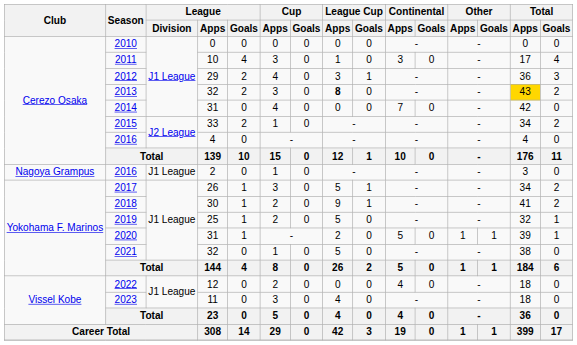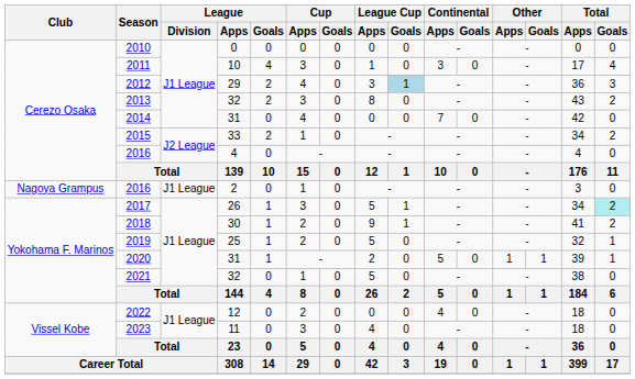 <table class="wikitable" style="text-align:center;">
 <tr>
 <th rowspan="2">Club</th>
 <th rowspan="2">Season</th>
 <th colspan="3">League</th>
 <th colspan="2">Cup</th>
 <th colspan="2">League Cup</th>
 <th colspan="2">Continental</th>
 <th colspan="2">Other</th>
 <th colspan="2">Total</th>
 </tr>
 <tr>
 <th>Division</th>
 <th>Apps</th>
 <th>Goals</th>
 <th>Apps</th>
 <th>Goals</th>
 <th>Apps</th>
 <th>Goals</th>
 <th>Apps</th>
 <th>Goals</th>
 <th>Apps</th>
 <th>Goals</th>
 <th>Apps</th>
 <th>Goals</th>
 </tr>
 <tr>
 <td rowspan="8"><a href='#'>Cerezo Osaka</a></td>
 <td><a href='#'>2010</a></td>
 <td rowspan="5"><a href='#'>J1 League</a></td>
 <td>0</td>
 <td>0</td>
 <td>0</td>
 <td>0</td>
 <td>0</td>
 <td>0</td>
 <td colspan="2">-</td>
 <td colspan="2">-</td>
 <td>0</td>
 <td>0</td>
 </tr>
 <tr>
 <td><a href='#'>2011</a></td>
 <td>10</td>
 <td>4</td>
 <td>3</td>
 <td>0</td>
 <td>1</td>
 <td>0</td>
 <td>3</td>
 <td>0</td>
 <td colspan="2">-</td>
 <td>17</td>
 <td>4</td>
 </tr>
 <tr>
 <td><a href='#'>2012</a></td>
 <td>29</td>
 <td>2</td>
 <td>4</td>
 <td>0</td>
 <td>3</td>
-<td>1</td>
+<td style="background: lightblue;">1</td>
 <td colspan="2">-</td>
 <td colspan="2">-</td>
 <td>36</td>
 <td>3</td>
 </tr>
 <tr>
 <td><a href='#'>2013</a></td>
 <td>32</td>
 <td>2</td>
 <td>3</td>
 <td>0</td>
-<td><strong>8</strong></td>
+<td>8</td>
 <td>0</td>
 <td colspan="2">-</td>
 <td colspan="2">-</td>
-<td style="background: gold;">43</td>
+<td>43</td>
 <td>2</td>
 </tr>
 <tr>
 <td><a href='#'>2014</a></td>
 <td>31</td>
 <td>0</td>
 <td>4</td>
 <td>0</td>
 <td>0</td>
 <td>0</td>
 <td>7</td>
 <td>0</td>
 <td colspan="2">-</td>
 <td>42</td>
 <td>0</td>
 </tr>
 <tr>
 <td><a href='#'>2015</a></td>
 <td rowspan="2"><a href='#'>J2 League</a></td>
 <td>33</td>
 <td>2</td>
 <td>1</td>
 <td>0</td>
 <td colspan="2">-</td>
 <td colspan="2">-</td>
 <td colspan="2">-</td>
 <td>34</td>
 <td>2</td>
 </tr>
 <tr>
 <td><a href='#'>2016</a></td>
 <td>4</td>
 <td>0</td>
 <td colspan="2">-</td>
 <td colspan="2">-</td>
 <td colspan="2">-</td>
 <td colspan="2">-</td>
 <td>4</td>
 <td>0</td>
 </tr>
 <tr>
 <th colspan="2">Total</th>
 <th>139</th>
 <th>10</th>
 <th>15</th>
 <th>0</th>
 <th>12</th>
 <th>1</th>
 <th>10</th>
 <th>0</th>
 <th colspan="2">-</th>
 <th>176</th>
 <th>11</th>
 </tr>
 <tr>
 <td><a href='#'>Nagoya Grampus</a></td>
 <td><a href='#'>2016</a></td>
 <td>J1 League</td>
 <td>2</td>
 <td>0</td>
 <td>1</td>
 <td>0</td>
 <td colspan="2">-</td>
 <td colspan="2">-</td>
 <td colspan="2">-</td>
 <td>3</td>
 <td>0</td>
 </tr>
 <tr>
 <td rowspan="6"><a href='#'>Yokohama F. Marinos</a></td>
 <td><a href='#'>2017</a></td>
 <td rowspan="5">J1 League</td>
 <td>26</td>
 <td>1</td>
 <td>3</td>
 <td>0</td>
 <td>5</td>
 <td>1</td>
 <td colspan="2">-</td>
 <td colspan="2">-</td>
 <td>34</td>
-<td>2</td>
+<td style="background: paleturquoise;">2</td>
 </tr>
 <tr>
 <td><a href='#'>2018</a></td>
 <td>30</td>
 <td>1</td>
 <td>2</td>
 <td>0</td>
 <td>9</td>
 <td>1</td>
 <td colspan="2">-</td>
 <td colspan="2">-</td>
 <td>41</td>
 <td>2</td>
 </tr>
 <tr>
 <td><a href='#'>2019</a></td>
 <td>25</td>
 <td>1</td>
 <td>2</td>
 <td>0</td>
 <td>5</td>
 <td>0</td>
 <td colspan="2">-</td>
 <td colspan="2">-</td>
 <td>32</td>
 <td>1</td>
 </tr>
 <tr>
 <td><a href='#'>2020</a></td>
 <td>31</td>
 <td>1</td>
 <td colspan="2">-</td>
 <td>2</td>
 <td>0</td>
 <td>5</td>
 <td>0</td>
 <td>1</td>
 <td>1</td>
 <td>39</td>
 <td>1</td>
 </tr>
 <tr>
 <td><a href='#'>2021</a></td>
 <td>32</td>
 <td>0</td>
 <td>1</td>
 <td>0</td>
 <td>5</td>
 <td>0</td>
 <td colspan="2">-</td>
 <td colspan="2">-</td>
 <td>38</td>
 <td>0</td>
 </tr>
 <tr>
 <th colspan="2">Total</th>
 <th>144</th>
 <th>4</th>
 <th>8</th>
 <th>0</th>
 <th>26</th>
 <th>2</th>
 <th>5</th>
 <th>0</th>
 <th>1</th>
 <th>1</th>
 <th>184</th>
 <th>6</th>
 </tr>
 <tr>
 <td rowspan="3"><a href='#'>Vissel Kobe</a></td>
 <td><a href='#'>2022</a></td>
 <td rowspan="2">J1 League</td>
 <td>12</td>
 <td>0</td>
 <td>2</td>
 <td>0</td>
 <td>0</td>
 <td>0</td>
 <td>4</td>
 <td>0</td>
 <td colspan="2">-</td>
 <td>18</td>
 <td>0</td>
 </tr>
 <tr>
 <td><a href='#'>2023</a></td>
 <td>11</td>
 <td>0</td>
 <td>3</td>
 <td>0</td>
 <td>4</td>
 <td>0</td>
 <td colspan="2">-</td>
 <td colspan="2">-</td>
 <td>18</td>
 <td>0</td>
 </tr>
 <tr>
 <th colspan="2">Total</th>
 <th>23</th>
 <th>0</th>
 <th>5</th>
 <th>0</th>
 <th>4</th>
 <th>0</th>
 <th>4</th>
 <th>0</th>
 <th colspan="2">-</th>
 <th>36</th>
 <th>0</th>
 </tr>
 <tr>
 <th colspan="3">Career Total</th>
 <th>308</th>
 <th>14</th>
 <th>29</th>
 <th>0</th>
 <th>42</th>
 <th>3</th>
 <th>19</th>
 <th>0</th>
 <th>1</th>
 <th>1</th>
 <th>399</th>
 <th>17</th>
 </tr>
 <tr>
 </tr>
 </table>
